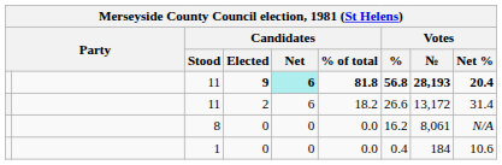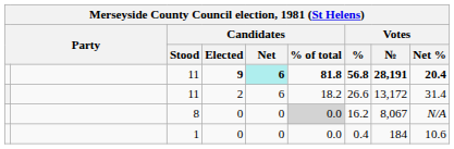 <table class="wikitable" style="font-size:95%">
 <tr>
 <th colspan="16" style="background-color:#f2f2f2">Merseyside County Council election, 1981 (<a href='#'>St Helens</a>)</th>
 </tr>
 <tr style="vertical-align:center;">
 <th colspan="2" rowspan="2">Party</th>
 <th colspan="4" style="width: 30px">Candidates</th>
 <th colspan="3" style="width: 30px">Votes</th>
 </tr>
 <tr>
 <th>Stood</th>
 <th>Elected</th>
 <th style="width: 45px">Net</th>
 <th>% of total</th>
 <th>%</th>
 <th>№</th>
 <th>Net %</th>
 </tr>
 <tr>
 <td style="background-color: "></td>
 <td style="width: 190px"><a href='#'></a></td>
 <td style="text-align:right; ">11</td>
 <td style="text-align:right; "><strong>9</strong></td>
 <td style="background: paleturquoise; text-align:right; "><span><strong>6</strong></span></td>
 <td style="text-align:right; "><strong>81.8</strong></td>
 <td style="text-align:right; "><strong>56.8</strong></td>
-<td style="text-align:right; "><strong>28,193</strong></td>
+<td style="text-align:right; "><strong>28,191</strong></td>
 <td style="text-align:right; "><span><strong>20.4</strong></span></td>
 </tr>
 <tr>
 <th style="background-color: "></th>
 <td style="width: 190px"><a href='#'></a></td>
 <td style="text-align:right; ">11</td>
 <td style="text-align:right; ">2</td>
 <td style="text-align:right; "><span>6</span></td>
 <td style="text-align:right; ">18.2</td>
 <td style="text-align:right; ">26.6</td>
 <td style="text-align:right; ">13,172</td>
 <td style="text-align:right; "><span>31.4</span></td>
 </tr>
 <tr>
 <td style="background-color: "></td>
 <td style="width: 190px"><a href='#'></a></td>
 <td style="text-align:right; ">8</td>
 <td style="text-align:right; ">0</td>
 <td style="text-align:right; ">0</td>
-<td style="text-align:right; ">0.0</td>
+<td style="background: lightgrey; text-align:right; ">0.0</td>
 <td style="text-align:right; ">16.2</td>
-<td style="text-align:right; ">8,061</td>
+<td style="text-align:right; ">8,067</td>
 <td style="text-align:right; "><em>N/A</em></td>
 </tr>
 <tr>
 <td style="background-color: "></td>
 <td style="width: 190px"><a href='#'></a></td>
 <td style="text-align:right; ">1</td>
 <td style="text-align:right; ">0</td>
 <td style="text-align:right; ">0</td>
 <td style="text-align:right; ">0.0</td>
 <td style="text-align:right; ">0.4</td>
 <td style="text-align:right; ">184</td>
 <td style="text-align:right; "><span>10.6</span></td>
 </tr>
 </table>
